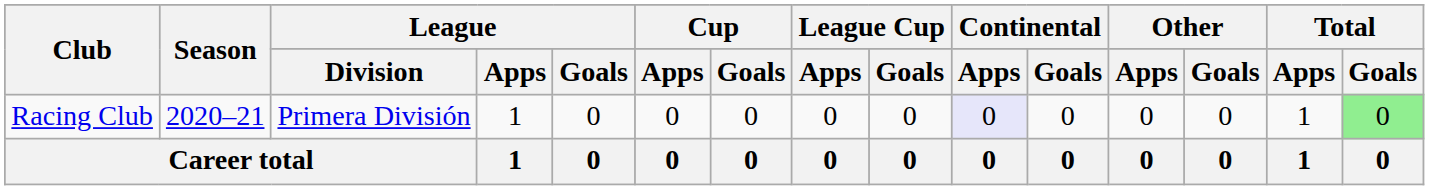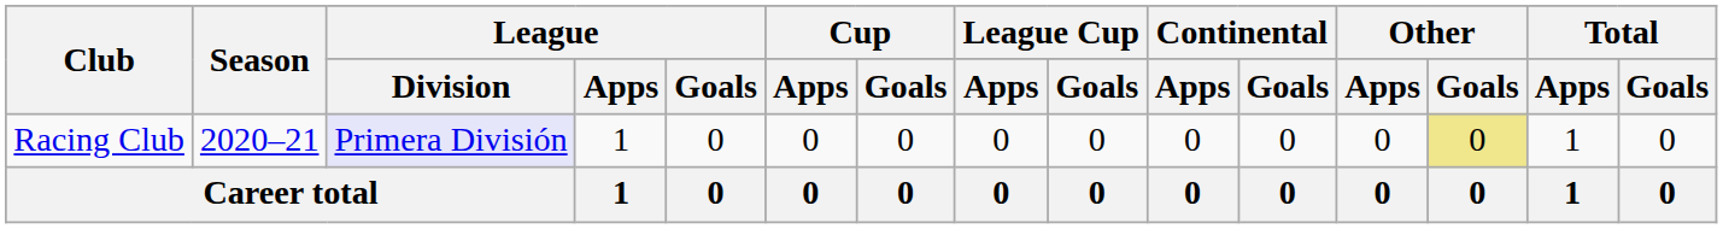 <table class="wikitable" style="text-align:center">
 <tr>
 <th rowspan="2">Club</th>
 <th rowspan="2">Season</th>
 <th colspan="3">League</th>
 <th colspan="2">Cup</th>
 <th colspan="2">League Cup</th>
 <th colspan="2">Continental</th>
 <th colspan="2">Other</th>
 <th colspan="2">Total</th>
 </tr>
 <tr>
 <th>Division</th>
 <th>Apps</th>
 <th>Goals</th>
 <th>Apps</th>
 <th>Goals</th>
 <th>Apps</th>
 <th>Goals</th>
 <th>Apps</th>
 <th>Goals</th>
 <th>Apps</th>
 <th>Goals</th>
 <th>Apps</th>
 <th>Goals</th>
 </tr>
 <tr>
 <td rowspan="1"><a href='#'>Racing Club</a></td>
 <td><a href='#'>2020–21</a></td>
-<td rowspan="1"><a href='#'>Primera División</a></td>
+<td rowspan="1" style="background: lavender;"><a href='#'>Primera División</a></td>
 <td>1</td>
 <td>0</td>
 <td>0</td>
 <td>0</td>
 <td>0</td>
 <td>0</td>
-<td style="background: lavender;">0</td>
 <td>0</td>
 <td>0</td>
 <td>0</td>
+<td style="background: khaki;">0</td>
 <td>1</td>
-<td style="background: lightgreen;">0</td>
+<td>0</td>
 </tr>
 <tr>
 <th colspan="3">Career total</th>
 <th>1</th>
 <th>0</th>
 <th>0</th>
 <th>0</th>
 <th>0</th>
 <th>0</th>
 <th>0</th>
 <th>0</th>
 <th>0</th>
 <th>0</th>
 <th>1</th>
 <th>0</th>
 </tr>
 </table>
